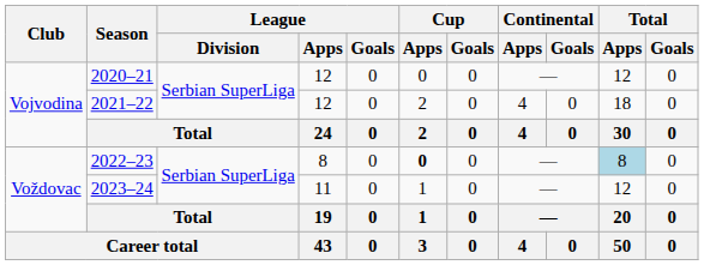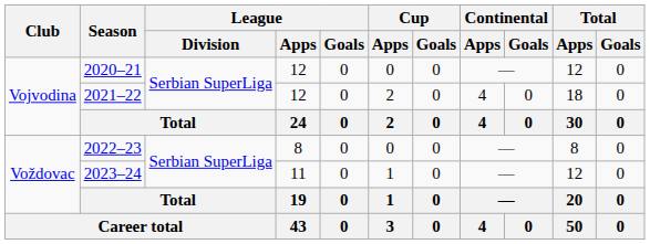 <table class="wikitable" style="text-align:center">
 <tr>
 <th rowspan="2">Club</th>
 <th rowspan="2">Season</th>
 <th colspan="3">League</th>
 <th colspan="2">Cup</th>
 <th colspan="2">Continental</th>
 <th colspan="2">Total</th>
 </tr>
 <tr>
 <th>Division</th>
 <th>Apps</th>
 <th>Goals</th>
 <th>Apps</th>
 <th>Goals</th>
 <th>Apps</th>
 <th>Goals</th>
 <th>Apps</th>
 <th>Goals</th>
 </tr>
 <tr>
 <td rowspan="3"><a href='#'>Vojvodina</a></td>
 <td><a href='#'>2020–21</a></td>
 <td rowspan="2"><a href='#'>Serbian SuperLiga</a></td>
 <td>12</td>
 <td>0</td>
 <td>0</td>
 <td>0</td>
 <td colspan="2">—</td>
 <td>12</td>
 <td>0</td>
 </tr>
 <tr>
 <td><a href='#'>2021–22</a></td>
 <td>12</td>
 <td>0</td>
 <td>2</td>
 <td>0</td>
 <td>4</td>
 <td>0</td>
 <td>18</td>
 <td>0</td>
 </tr>
 <tr>
 <th colspan="2">Total</th>
 <th>24</th>
 <th>0</th>
 <th>2</th>
 <th>0</th>
 <th>4</th>
 <th>0</th>
 <th>30</th>
 <th>0</th>
 </tr>
 <tr>
 <td rowspan="3"><a href='#'>Voždovac</a></td>
 <td><a href='#'>2022–23</a></td>
 <td rowspan="2"><a href='#'>Serbian SuperLiga</a></td>
 <td>8</td>
 <td>0</td>
-<td><strong>0</strong></td>
+<td>0</td>
 <td>0</td>
 <td colspan="2">—</td>
-<td style="background: lightblue;">8</td>
+<td>8</td>
 <td>0</td>
 </tr>
 <tr>
 <td><a href='#'>2023–24</a></td>
 <td>11</td>
 <td>0</td>
 <td>1</td>
 <td>0</td>
 <td colspan="2">—</td>
 <td>12</td>
 <td>0</td>
 </tr>
 <tr>
 <th colspan="2">Total</th>
 <th>19</th>
 <th>0</th>
 <th>1</th>
 <th>0</th>
 <th colspan="2">—</th>
 <th>20</th>
 <th>0</th>
 </tr>
 <tr>
 <th colspan="3">Career total</th>
 <th>43</th>
 <th>0</th>
 <th>3</th>
 <th>0</th>
 <th>4</th>
 <th>0</th>
 <th>50</th>
 <th>0</th>
 </tr>
 </table>
